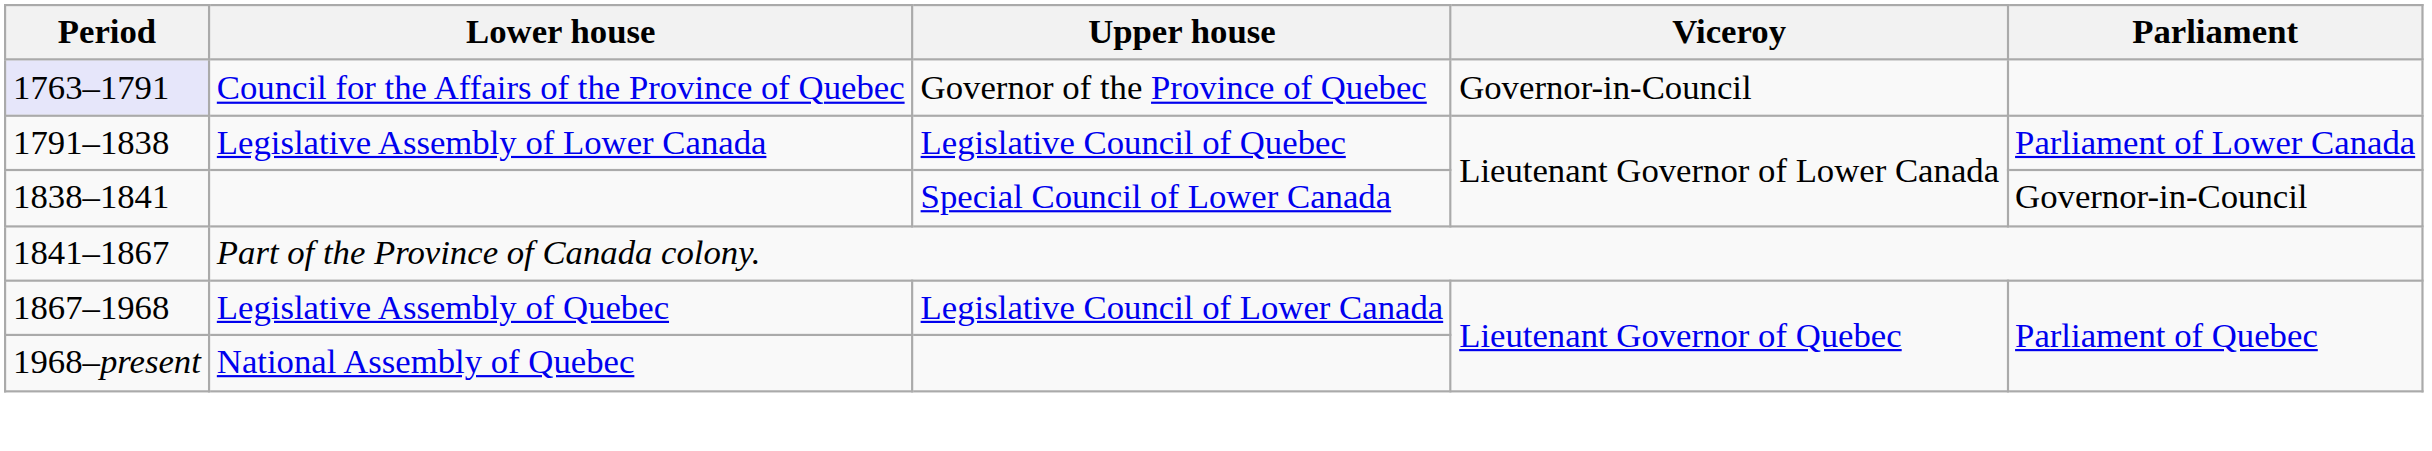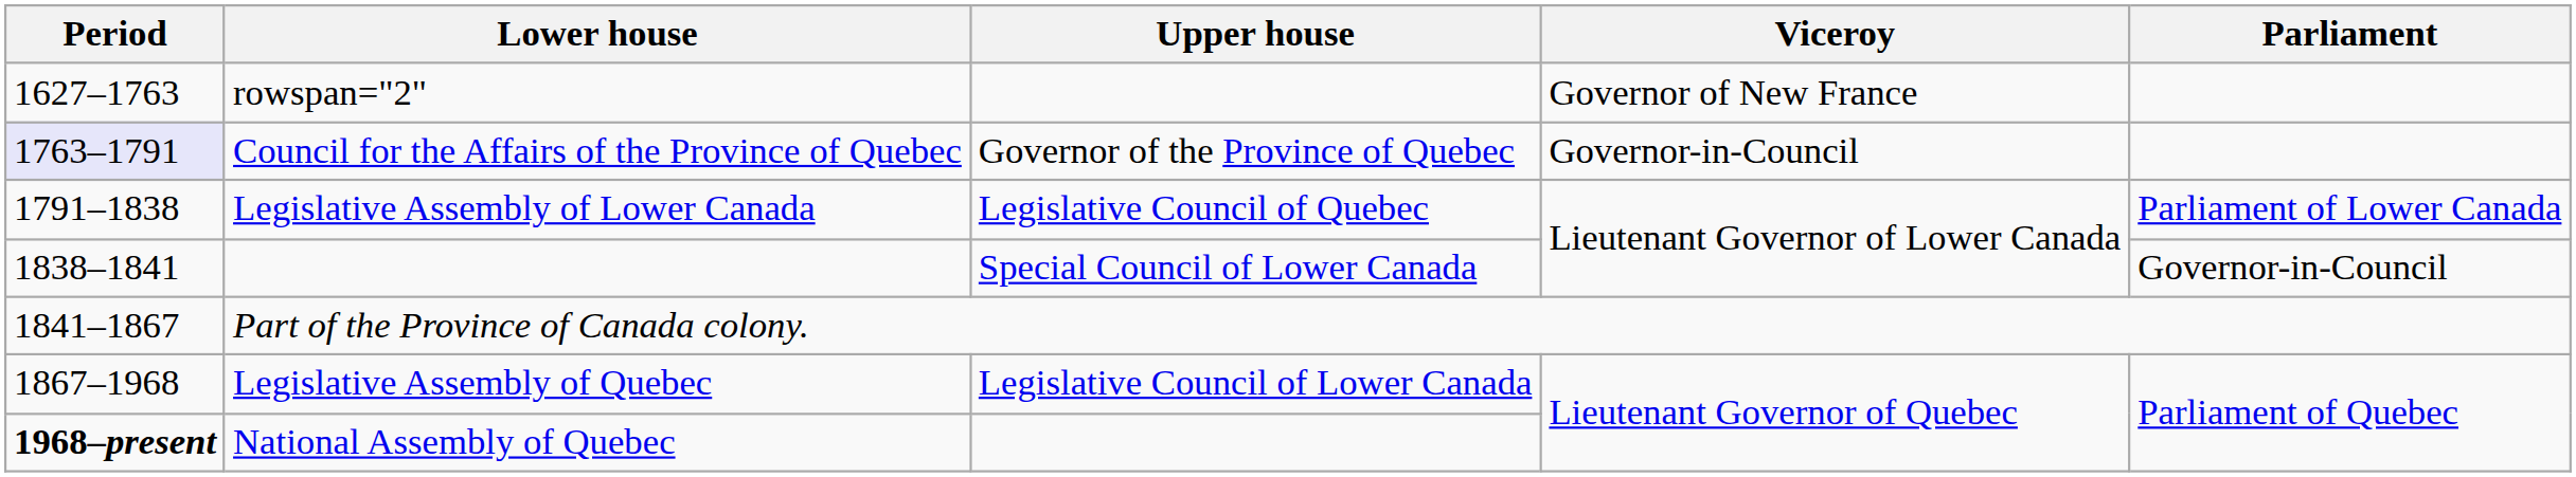 <table class="wikitable">
 <tr>
 <th>Period</th>
 <th>Lower house</th>
 <th>Upper house</th>
 <th>Viceroy</th>
 <th>Parliament</th>
+</tr>
+<tr>
+<td>1627–1763</td>
+<td>rowspan="2" </td>
+<td></td>
+<td>Governor of New France</td>
+<td></td>
 </tr>
 <tr>
 <td style="background: lavender;">1763–1791</td>
 <td><a href='#'>Council for the Affairs of the Province of Quebec</a></td>
 <td>Governor of the <a href='#'>Province of Quebec</a></td>
 <td>Governor-in-Council</td>
 </tr>
 <tr>
 <td>1791–1838</td>
 <td><a href='#'>Legislative Assembly of Lower Canada</a></td>
 <td><a href='#'>Legislative Council of Quebec</a></td>
 <td rowspan="2">Lieutenant Governor of Lower Canada</td>
 <td><a href='#'>Parliament of Lower Canada</a></td>
 </tr>
 <tr>
 <td>1838–1841</td>
 <td></td>
 <td><a href='#'>Special Council of Lower Canada</a></td>
 <td>Governor-in-Council</td>
 </tr>
 <tr>
 <td>1841–1867</td>
 <td colspan="4"><em>Part of the Province of Canada colony.</em></td>
 </tr>
 <tr>
 <td>1867–1968</td>
 <td><a href='#'>Legislative Assembly of Quebec</a></td>
 <td><a href='#'>Legislative Council of Lower Canada</a></td>
 <td rowspan="2"><a href='#'>Lieutenant Governor of Quebec</a></td>
 <td rowspan="2"><a href='#'>Parliament of Quebec</a></td>
 </tr>
 <tr>
-<td>1968–<em>present</em></td>
+<td><strong>1968–<em>present</em></strong></td>
 <td><a href='#'>National Assembly of Quebec</a></td>
 <td></td>
 </tr>
 </table>
